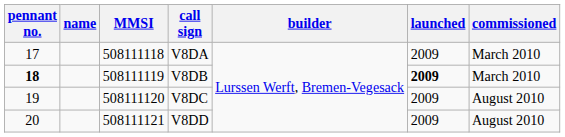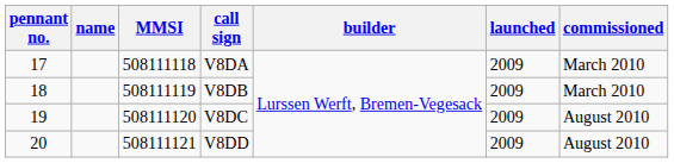 <table class="wikitable sortable">
 <tr>
 <th align=center><a href='#'>pennant<br>no.</a></th>
 <th><a href='#'>name</a></th>
 <th><a href='#'>MMSI</a></th>
 <th><a href='#'>call<br>sign</a></th>
 <th><a href='#'>builder</a></th>
 <th><a href='#'>launched</a></th>
 <th><a href='#'>commissioned</a></th>
 </tr>
 <tr>
 <td align=center>17</td>
 <td></td>
 <td>508111118</td>
 <td>V8DA</td>
 <td rowspan="4"><a href='#'>Lurssen Werft</a>, <a href='#'>Bremen-Vegesack</a></td>
 <td>2009</td>
 <td>March 2010</td>
 </tr>
 <tr>
-<td align=center><strong>18</strong></td>
+<td align=center>18</td>
 <td></td>
 <td>508111119</td>
 <td>V8DB</td>
-<td><strong>2009</strong></td>
+<td>2009</td>
 <td>March 2010</td>
 </tr>
 <tr>
 <td align=center>19</td>
 <td></td>
 <td>508111120</td>
 <td>V8DC</td>
 <td>2009</td>
 <td>August 2010</td>
 </tr>
 <tr>
 <td align=center>20</td>
 <td></td>
 <td>508111121</td>
 <td>V8DD</td>
 <td>2009</td>
 <td>August 2010</td>
 </tr>
 </table>
